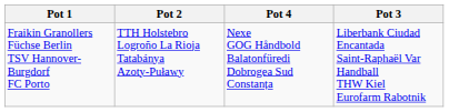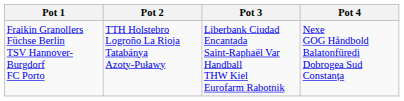 <table class="wikitable">
 <tr>
 <th style="width:25%;">Pot 1</th>
 <th style="width:25%;">Pot 2</th>
+<th style="width:25%;">Pot 3</th>
 <th style="width:25%;">Pot 4</th>
-<th style="width:25%;">Pot 3</th>
 </tr>
 <tr>
 <td valign="top"> <a href='#'>Fraikin Granollers</a><br> <a href='#'>Füchse Berlin</a><br> <a href='#'>TSV Hannover-Burgdorf</a><br> <a href='#'>FC Porto</a></td>
 <td valign="top"> <a href='#'>TTH Holstebro</a><br> <a href='#'>Logroño La Rioja</a><br> <a href='#'>Tatabánya</a><br> <a href='#'>Azoty-Puławy</a></td>
+<td valign="top"> <a href='#'>Liberbank Ciudad Encantada</a><br> <a href='#'>Saint-Raphaël Var Handball</a><br> <a href='#'>THW Kiel</a><br> <a href='#'>Eurofarm Rabotnik</a></td>
 <td valign="top"> <a href='#'>Nexe</a><br> <a href='#'>GOG Håndbold</a><br> <a href='#'>Balatonfüredi</a><br> <a href='#'>Dobrogea Sud Constanța</a></td>
-<td valign="top"> <a href='#'>Liberbank Ciudad Encantada</a><br> <a href='#'>Saint-Raphaël Var Handball</a><br> <a href='#'>THW Kiel</a><br> <a href='#'>Eurofarm Rabotnik</a></td>
 </tr>
 </table>
